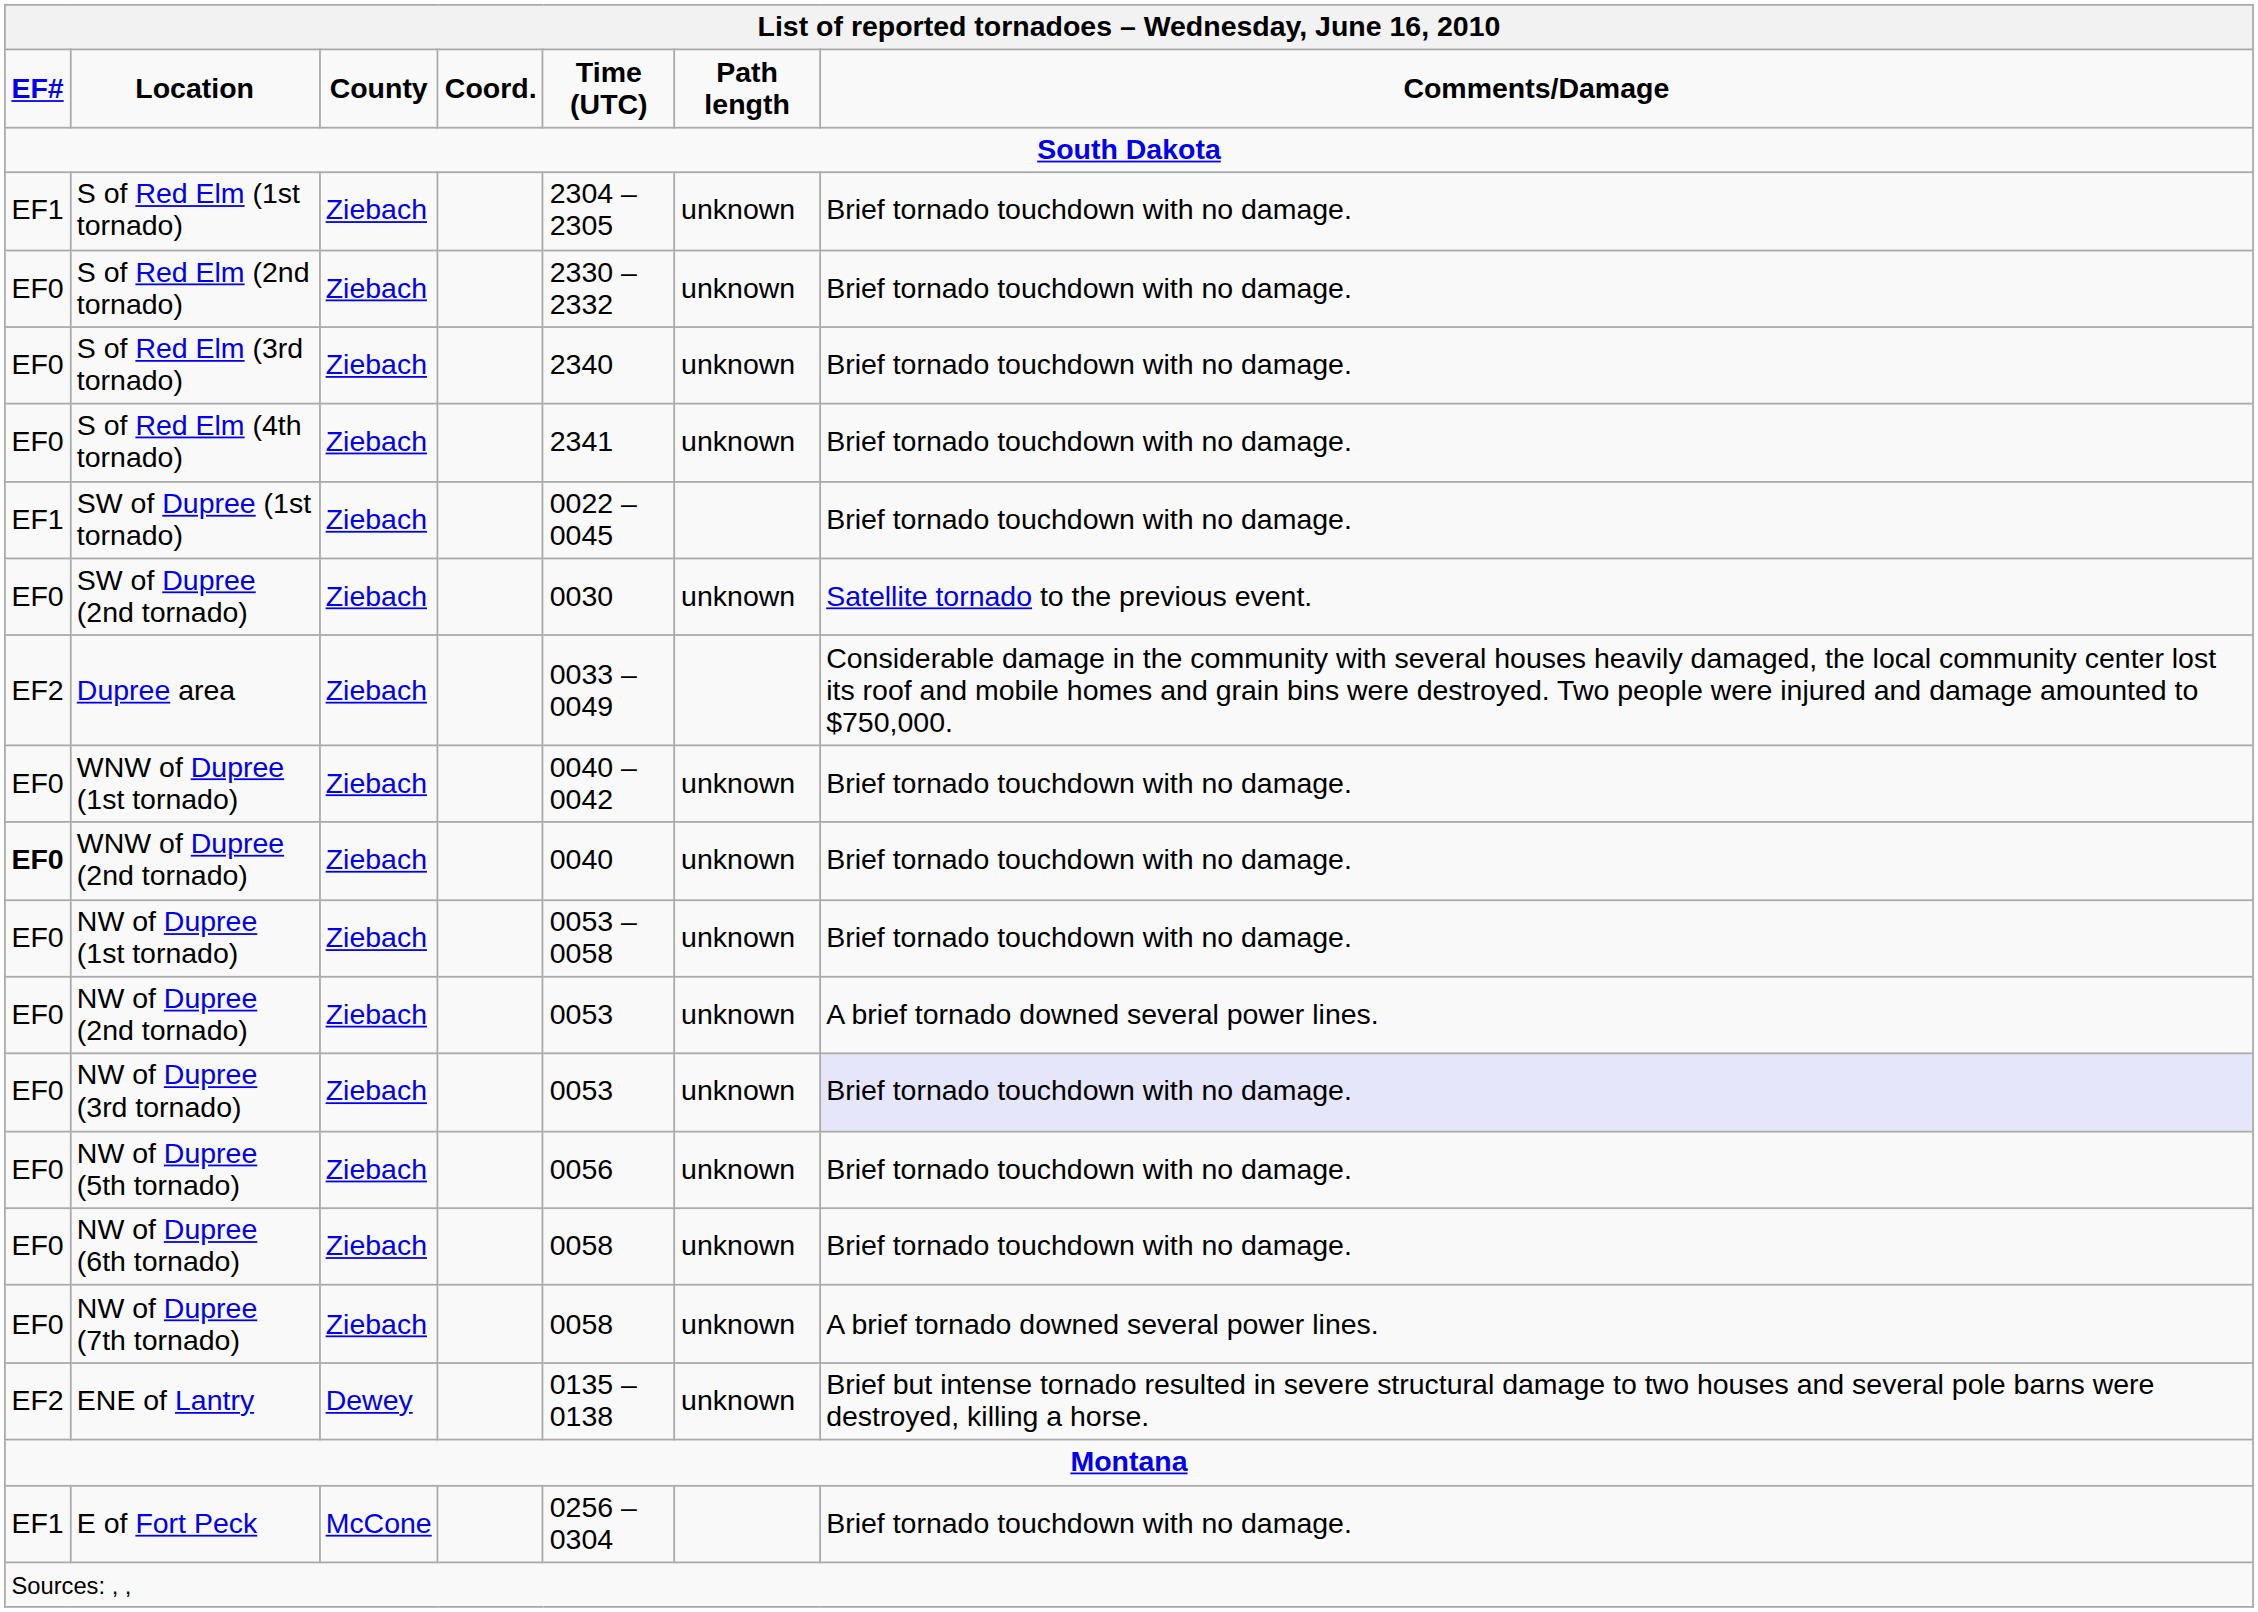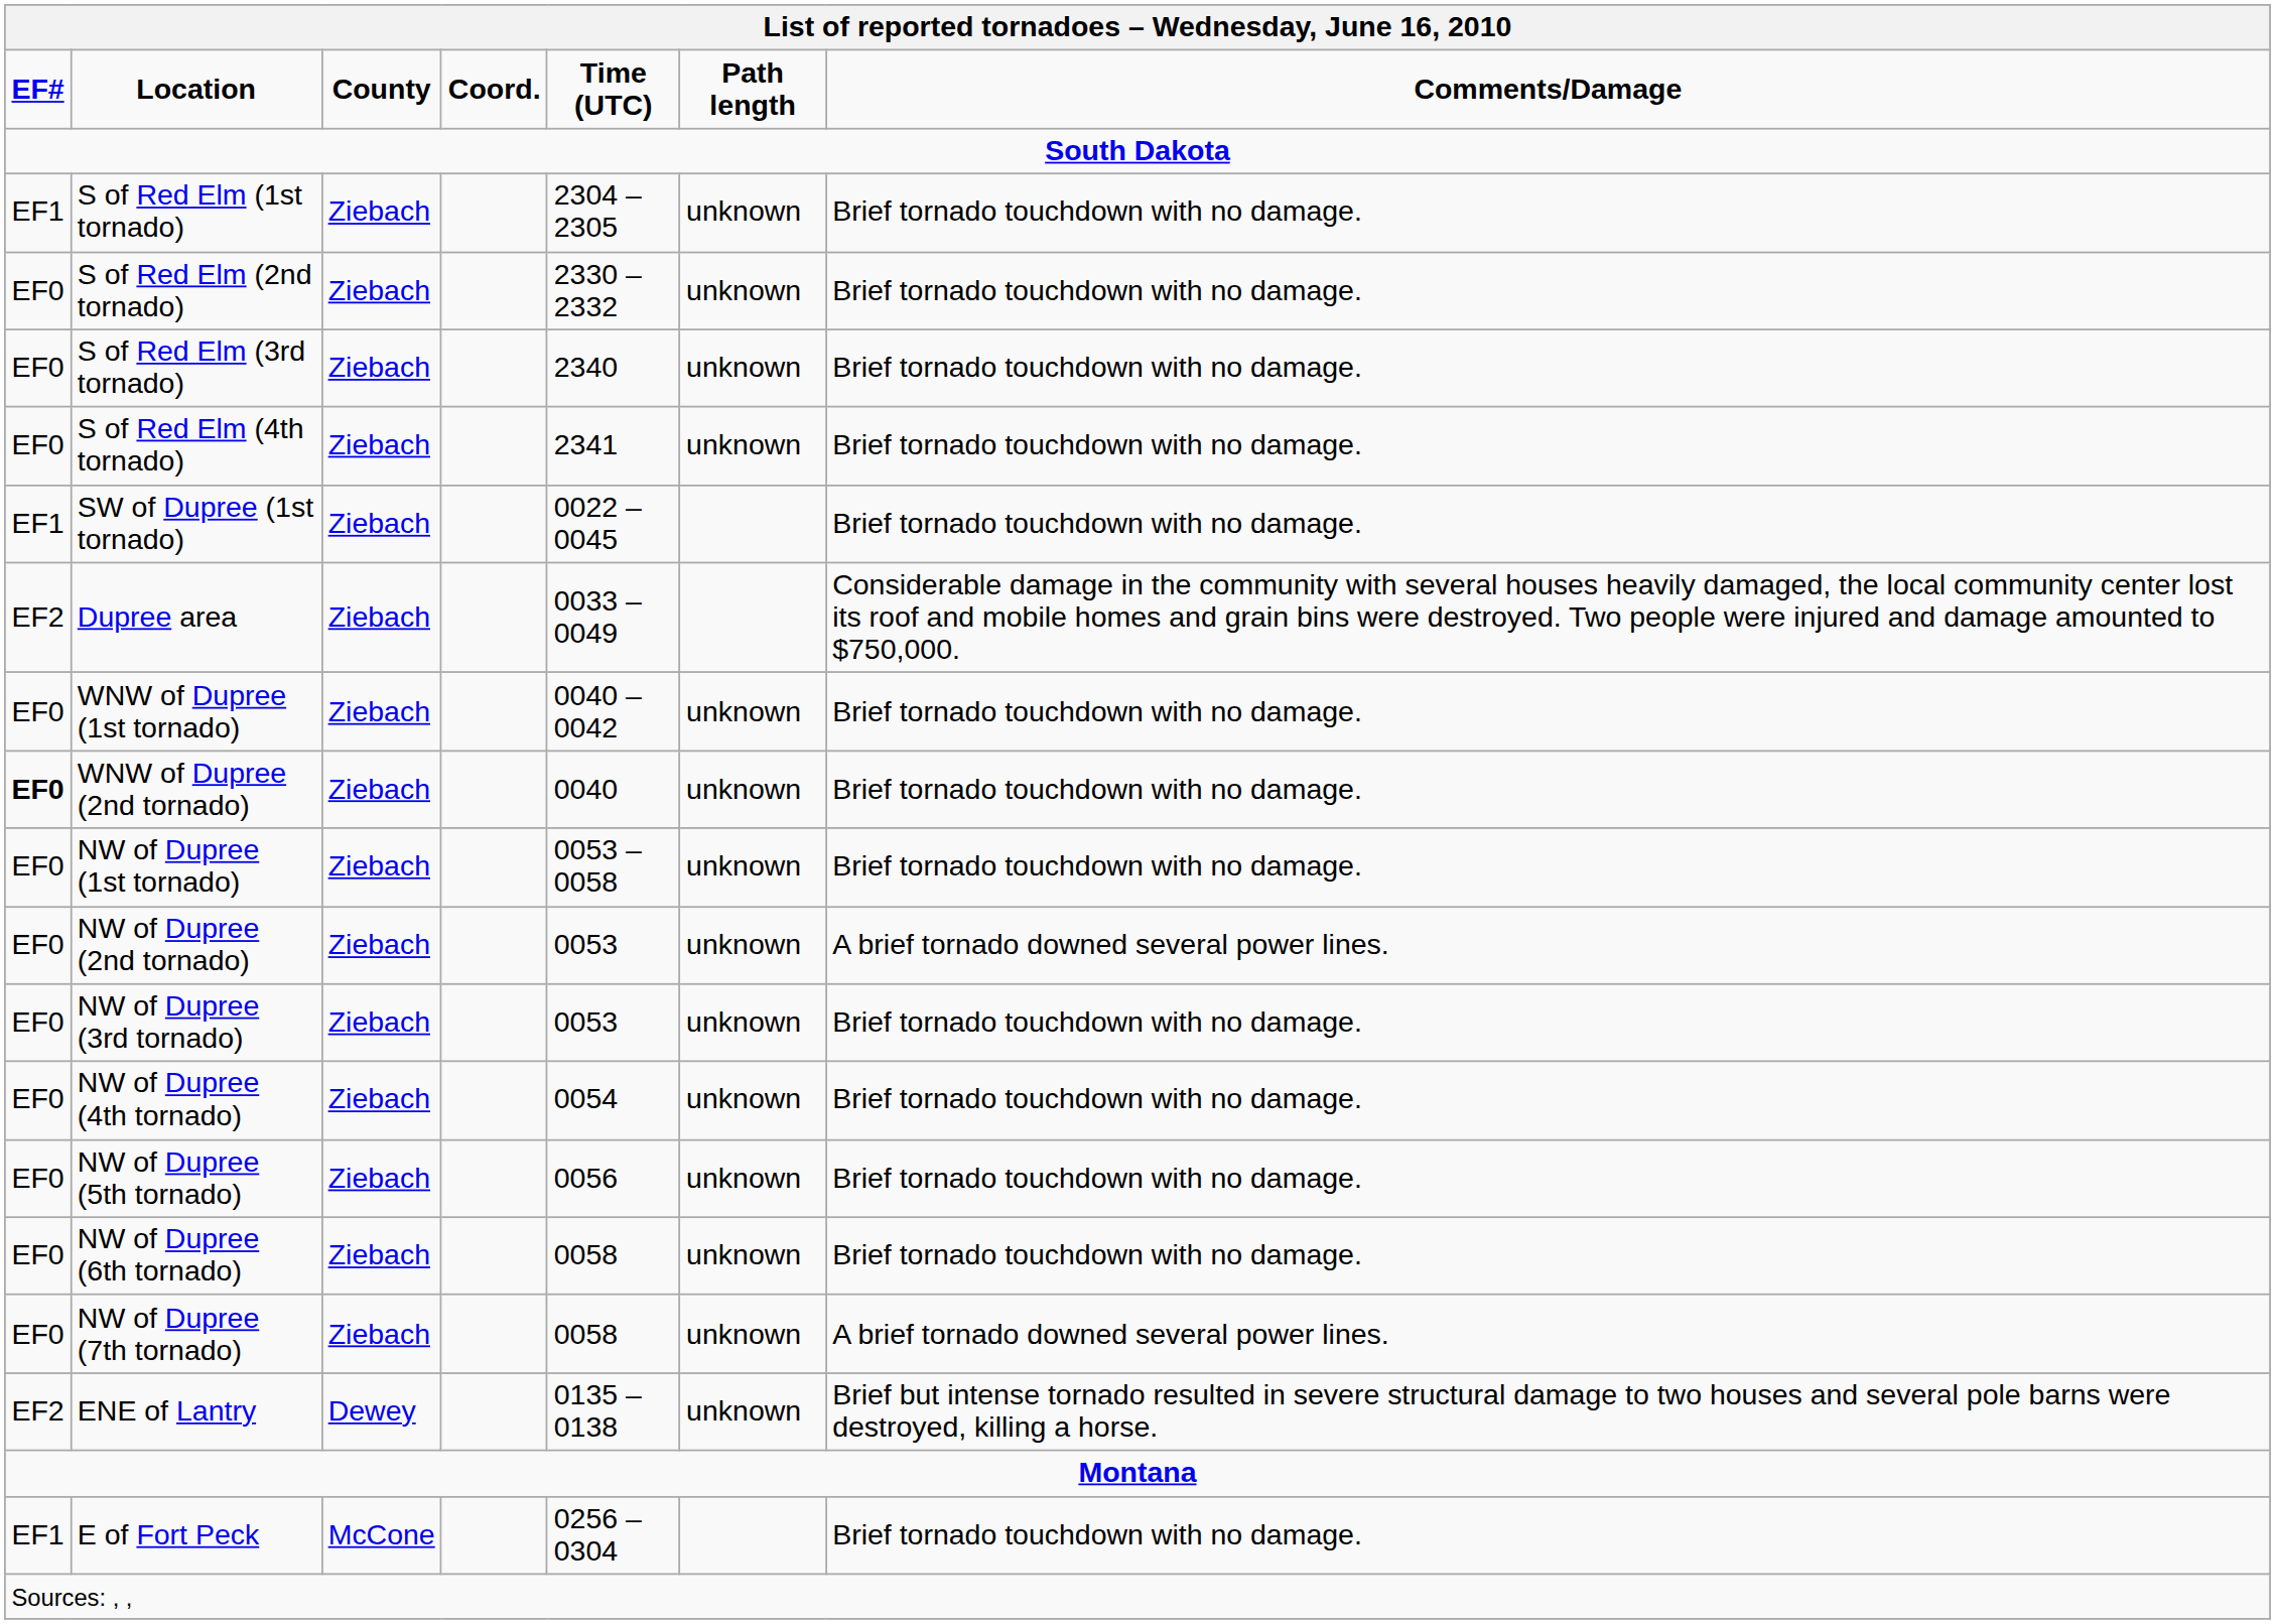 <table class="wikitable collapsible" width="100%">
 <tr>
 <th colspan="7">List of reported tornadoes – Wednesday, June 16, 2010</th>
 </tr>
 <tr style="text-align:center;">
 <td><strong><a href='#'>EF#</a></strong></td>
 <td><strong>Location</strong></td>
 <td><strong>County</strong></td>
 <td><strong>Coord.</strong></td>
 <td><strong>Time (UTC)</strong></td>
 <td><strong>Path length</strong></td>
 <td><strong>Comments/Damage</strong></td>
 </tr>
 <tr>
 <td colspan="7" align=center><strong><a href='#'>South Dakota</a></strong></td>
 </tr>
 <tr>
 <td>EF1</td>
 <td>S of <a href='#'>Red Elm</a> (1st tornado)</td>
 <td><a href='#'>Ziebach</a></td>
 <td></td>
 <td>2304 – 2305</td>
 <td>unknown</td>
 <td>Brief tornado touchdown with no damage.</td>
 </tr>
 <tr>
 <td>EF0</td>
 <td>S of <a href='#'>Red Elm</a> (2nd tornado)</td>
 <td><a href='#'>Ziebach</a></td>
 <td></td>
 <td>2330 – 2332</td>
 <td>unknown</td>
 <td>Brief tornado touchdown with no damage.</td>
 </tr>
 <tr>
 <td>EF0</td>
 <td>S of <a href='#'>Red Elm</a> (3rd tornado)</td>
 <td><a href='#'>Ziebach</a></td>
 <td></td>
 <td>2340</td>
 <td>unknown</td>
 <td>Brief tornado touchdown with no damage.</td>
 </tr>
 <tr>
 <td>EF0</td>
 <td>S of <a href='#'>Red Elm</a> (4th tornado)</td>
 <td><a href='#'>Ziebach</a></td>
 <td></td>
 <td>2341</td>
 <td>unknown</td>
 <td>Brief tornado touchdown with no damage.</td>
 </tr>
 <tr>
 <td>EF1</td>
 <td>SW of <a href='#'>Dupree</a> (1st tornado)</td>
 <td><a href='#'>Ziebach</a></td>
 <td></td>
 <td>0022 – 0045</td>
 <td></td>
 <td>Brief tornado touchdown with no damage.</td>
 </tr>
 <tr>
-<td>EF0</td>
-<td>SW of <a href='#'>Dupree</a> (2nd tornado)</td>
-<td><a href='#'>Ziebach</a></td>
-<td></td>
-<td>0030</td>
-<td>unknown</td>
-<td><a href='#'>Satellite tornado</a> to the previous event.</td>
-</tr>
-<tr>
 <td>EF2</td>
 <td><a href='#'>Dupree</a> area</td>
 <td><a href='#'>Ziebach</a></td>
 <td></td>
 <td>0033 – 0049</td>
 <td></td>
 <td>Considerable damage in the community with several houses heavily damaged, the local community center lost its roof and mobile homes and grain bins were destroyed. Two people were injured and damage amounted to $750,000.</td>
 </tr>
 <tr>
 <td>EF0</td>
 <td>WNW of <a href='#'>Dupree</a> (1st tornado)</td>
 <td><a href='#'>Ziebach</a></td>
 <td></td>
 <td>0040 – 0042</td>
 <td>unknown</td>
 <td>Brief tornado touchdown with no damage.</td>
 </tr>
 <tr>
 <td><strong>EF0</strong></td>
 <td>WNW of <a href='#'>Dupree</a> (2nd tornado)</td>
 <td><a href='#'>Ziebach</a></td>
 <td></td>
 <td>0040</td>
 <td>unknown</td>
 <td>Brief tornado touchdown with no damage.</td>
 </tr>
 <tr>
 <td>EF0</td>
 <td>NW of <a href='#'>Dupree</a> (1st tornado)</td>
 <td><a href='#'>Ziebach</a></td>
 <td></td>
 <td>0053 – 0058</td>
 <td>unknown</td>
 <td>Brief tornado touchdown with no damage.</td>
 </tr>
 <tr>
 <td>EF0</td>
 <td>NW of <a href='#'>Dupree</a> (2nd tornado)</td>
 <td><a href='#'>Ziebach</a></td>
 <td></td>
 <td>0053</td>
 <td>unknown</td>
 <td>A brief tornado downed several power lines.</td>
 </tr>
 <tr>
 <td>EF0</td>
 <td>NW of <a href='#'>Dupree</a> (3rd tornado)</td>
 <td><a href='#'>Ziebach</a></td>
 <td></td>
 <td>0053</td>
 <td>unknown</td>
-<td style="background: lavender;">Brief tornado touchdown with no damage.</td>
+<td>Brief tornado touchdown with no damage.</td>
+</tr>
+<tr>
+<td>EF0</td>
+<td>NW of <a href='#'>Dupree</a> (4th tornado)</td>
+<td><a href='#'>Ziebach</a></td>
+<td></td>
+<td>0054</td>
+<td>unknown</td>
+<td>Brief tornado touchdown with no damage.</td>
 </tr>
 <tr>
 <td>EF0</td>
 <td>NW of <a href='#'>Dupree</a> (5th tornado)</td>
 <td><a href='#'>Ziebach</a></td>
 <td></td>
 <td>0056</td>
 <td>unknown</td>
 <td>Brief tornado touchdown with no damage.</td>
 </tr>
 <tr>
 <td>EF0</td>
 <td>NW of <a href='#'>Dupree</a> (6th tornado)</td>
 <td><a href='#'>Ziebach</a></td>
 <td></td>
 <td>0058</td>
 <td>unknown</td>
 <td>Brief tornado touchdown with no damage.</td>
 </tr>
 <tr>
 <td>EF0</td>
 <td>NW of <a href='#'>Dupree</a> (7th tornado)</td>
 <td><a href='#'>Ziebach</a></td>
 <td></td>
 <td>0058</td>
 <td>unknown</td>
 <td>A brief tornado downed several power lines.</td>
 </tr>
 <tr>
 <td>EF2</td>
 <td>ENE of <a href='#'>Lantry</a></td>
 <td><a href='#'>Dewey</a></td>
 <td></td>
 <td>0135 – 0138</td>
 <td>unknown</td>
 <td>Brief but intense tornado resulted in severe structural damage to two houses and several pole barns were destroyed, killing a horse.</td>
 </tr>
 <tr>
 <td colspan="7" align=center><strong><a href='#'>Montana</a></strong></td>
 </tr>
 <tr>
 <td>EF1</td>
 <td>E of <a href='#'>Fort Peck</a></td>
 <td><a href='#'>McCone</a></td>
 <td></td>
 <td>0256 – 0304</td>
 <td></td>
 <td>Brief tornado touchdown with no damage.</td>
 </tr>
 <tr>
 <td colspan="7"><small>Sources: , , </small></td>
 </tr>
 </table>
